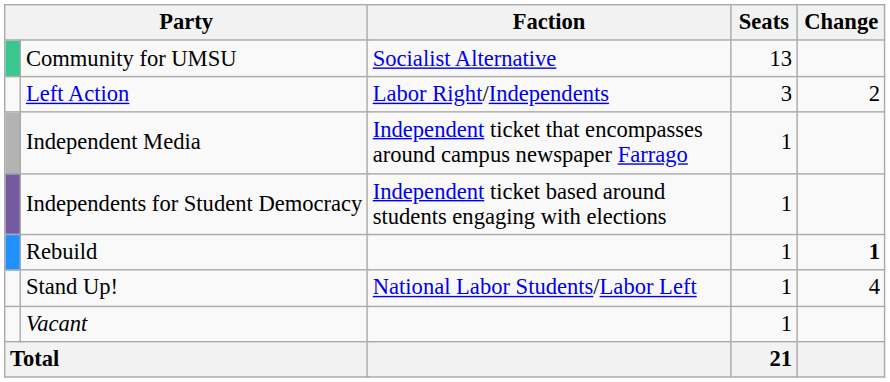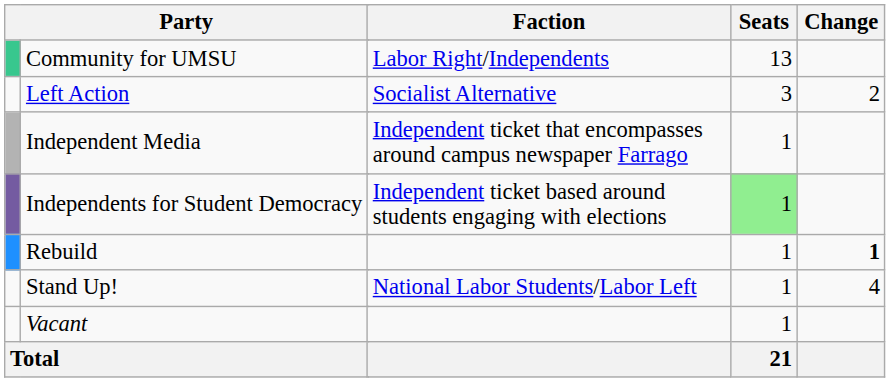 <table class="wikitable" style="text-align:right; margin-bottom:0">
 <tr>
 <th style="width:10px;" colspan=3>Party</th>
 <th style="width:250px;">Faction</th>
 <th style="width:40px;">Seats</th>
 <th style="width:40px;">Change</th>
 </tr>
 <tr>
 <td bgcolor="#38c78e"> </td>
 <td style="text-align:left;" colspan="2">Community for UMSU</td>
-<td align="left" style="width:70px;"><a href='#'>Socialist Alternative</a></td>
+<td align="left" style="width:70px;"><a href='#'>Labor Right</a>/<a href='#'>Independents</a></td>
 <td style="width:40px;">13</td>
 <td style="width:55px;"></td>
 </tr>
 <tr>
 <td> </td>
 <td style="text-align:left;" colspan="2"><a href='#'>Left Action</a></td>
-<td align="left" style="width:70px;"><a href='#'>Labor Right</a>/<a href='#'>Independents</a></td>
+<td align="left" style="width:70px;"><a href='#'>Socialist Alternative</a></td>
 <td style="width:40px;">3</td>
 <td style="width:55px;"> 2</td>
 </tr>
 <tr>
 <td bgcolor="#b3b3b3"> </td>
 <td style="text-align:left;" colspan="2">Independent Media</td>
 <td align="left" style="width:70px;"><a href='#'>Independent</a> ticket that encompasses around campus newspaper <a href='#'>Farrago</a></td>
 <td style="width:40px;">1</td>
 <td style="width:55px;"></td>
 </tr>
 <tr>
 <td bgcolor="#745BA1"> </td>
 <td style="text-align:left;" colspan="2">Independents for Student Democracy</td>
 <td align="left" style="width:70px;"><a href='#'>Independent</a> ticket based around students engaging with elections</td>
-<td style="width:40px;">1</td>
+<td style="background: lightgreen; width:40px;">1</td>
 <td style="width:55px;"></td>
 </tr>
 <tr>
 <td bgcolor="#1e90ff"> </td>
 <td style="text-align:left;" colspan="2">Rebuild</td>
 <td align="left" style="width:70px;"></td>
 <td style="width:40px;">1</td>
 <td style="width:55px;"><strong> 1</strong></td>
 </tr>
 <tr>
 <td> </td>
 <td style="text-align:left;" colspan="2">Stand Up!</td>
 <td align="left" style="width:70px;"><a href='#'>National Labor Students</a>/<a href='#'>Labor Left</a></td>
 <td style="width:40px;">1</td>
 <td style="width:55px;"> 4</td>
 </tr>
 <tr>
 <td> </td>
 <td style="text-align:left;" colspan="2"><em>Vacant</em></td>
 <td align="left" style="width:70px;"></td>
 <td style="width:40px;">1</td>
 <td style="width:55px;"></td>
 </tr>
 <tr>
 <th colspan="3" style="text-align:left;">Total</th>
 <th style="text-align:right;"></th>
 <th style="text-align:right;">21</th>
 <th style=text-align:right;></th>
 </tr>
 </table>
